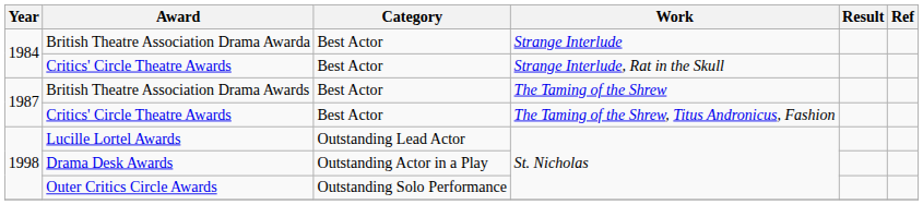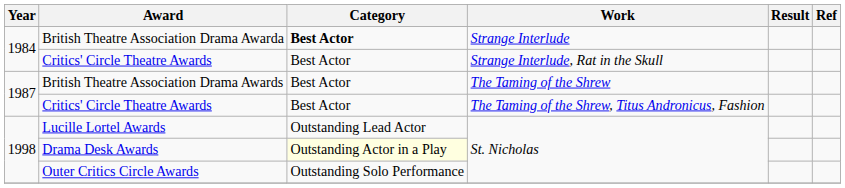 <table class="wikitable">
 <tr>
 <th>Year</th>
 <th>Award</th>
 <th>Category</th>
 <th>Work</th>
 <th>Result</th>
 <th>Ref</th>
 </tr>
 <tr>
 <td rowspan="2">1984</td>
 <td>British Theatre Association Drama Awarda</td>
-<td>Best Actor</td>
+<td><strong>Best Actor</strong></td>
 <td><em><a href='#'>Strange Interlude</a></em></td>
 <td></td>
 <td></td>
 </tr>
 <tr>
 <td><a href='#'>Critics' Circle Theatre Awards</a></td>
 <td>Best Actor</td>
 <td><em><a href='#'>Strange Interlude</a>, Rat in the Skull</em></td>
 <td></td>
 <td></td>
 </tr>
 <tr>
 <td rowspan="2">1987</td>
 <td>British Theatre Association Drama Awards</td>
 <td>Best Actor</td>
 <td><em><a href='#'>The Taming of the Shrew</a></em></td>
 <td></td>
 <td></td>
 </tr>
 <tr>
 <td><a href='#'>Critics' Circle Theatre Awards</a></td>
 <td>Best Actor</td>
 <td><em><a href='#'>The Taming of the Shrew</a>, <a href='#'>Titus Andronicus</a>, Fashion</em></td>
 <td></td>
 <td></td>
 </tr>
 <tr>
 <td rowspan="3">1998</td>
 <td><a href='#'>Lucille Lortel Awards</a></td>
 <td>Outstanding Lead Actor</td>
 <td rowspan="3"><em>St. Nicholas</em></td>
 <td></td>
 <td></td>
 </tr>
 <tr>
 <td><a href='#'>Drama Desk Awards</a></td>
-<td>Outstanding Actor in a Play</td>
+<td style="background: lightyellow;">Outstanding Actor in a Play</td>
 <td></td>
 <td></td>
 </tr>
 <tr>
 <td><a href='#'>Outer Critics Circle Awards</a></td>
 <td>Outstanding Solo Performance</td>
 <td></td>
 <td></td>
 </tr>
 <tr>
 </tr>
 </table>
